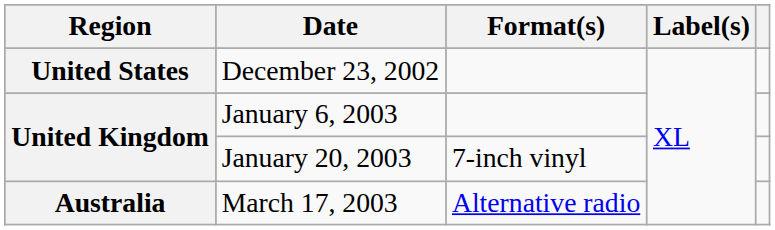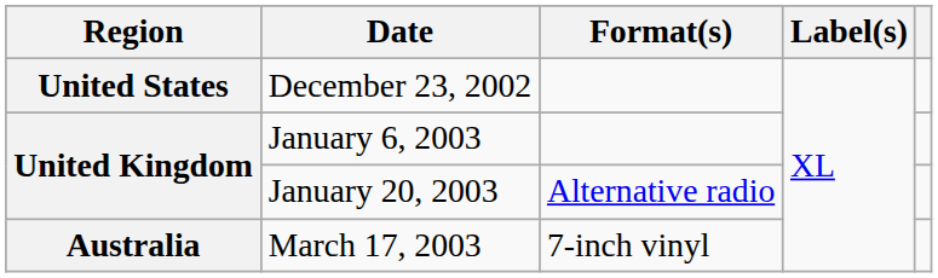 <table class="wikitable plainrowheaders">
 <tr>
 <th scope="col">Region</th>
 <th scope="col">Date</th>
 <th scope="col">Format(s)</th>
 <th scope="col">Label(s)</th>
 <th scope="col"></th>
 </tr>
 <tr>
 <th scope="row">United States</th>
 <td>December 23, 2002</td>
 <td></td>
 <td rowspan="4"><a href='#'>XL</a></td>
 <td align="center"></td>
 </tr>
 <tr>
 <th scope="row" rowspan="2">United Kingdom</th>
 <td>January 6, 2003</td>
 <td></td>
 <td align="center"></td>
 </tr>
 <tr>
 <td>January 20, 2003</td>
-<td>7-inch vinyl</td>
+<td><a href='#'>Alternative radio</a></td>
 <td align="center"></td>
 </tr>
 <tr>
 <th scope="row">Australia</th>
 <td>March 17, 2003</td>
-<td><a href='#'>Alternative radio</a></td>
+<td>7-inch vinyl</td>
 <td align="center"></td>
 </tr>
 </table>
